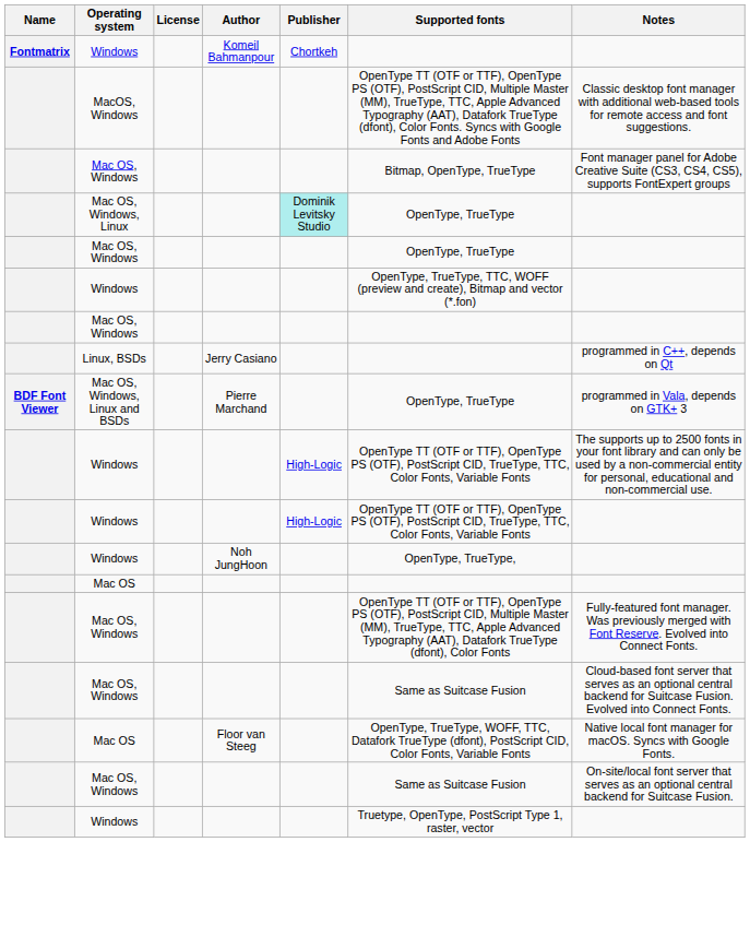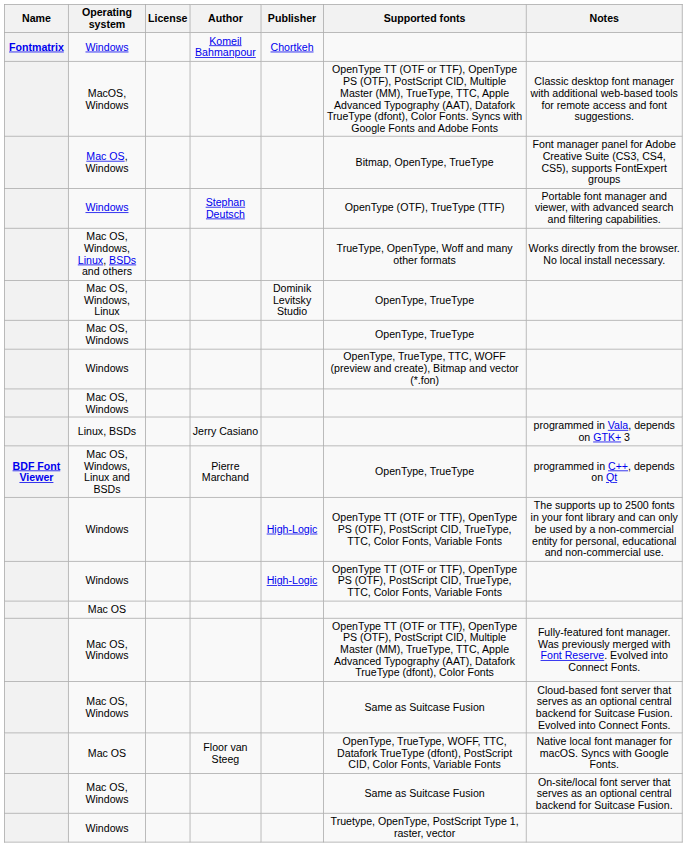 <table style="font-size: 85%; text-align: center;" class="wikitable sortable">
 <tr>
 <th>Name</th>
 <th>Operating system</th>
 <th>License</th>
 <th>Author</th>
 <th>Publisher</th>
 <th>Supported fonts</th>
 <th>Notes</th>
 </tr>
 <tr>
 <th><a href='#'>Fontmatrix</a></th>
 <td><a href='#'>Windows</a></td>
 <td></td>
 <td><a href='#'>Komeil Bahmanpour</a></td>
 <td><a href='#'>Chortkeh</a></td>
 <td></td>
 </tr>
 <tr>
 <th></th>
 <td>MacOS, Windows</td>
 <td></td>
 <td></td>
 <td></td>
 <td>OpenType TT (OTF or TTF), OpenType PS (OTF), PostScript CID, Multiple Master (MM), TrueType, TTC, Apple Advanced Typography (AAT), Datafork TrueType (dfont), Color Fonts. Syncs with Google Fonts and Adobe Fonts</td>
 <td>Classic desktop font manager with additional web-based tools for remote access and font suggestions.</td>
 </tr>
 <tr>
 <th></th>
 <td><a href='#'>Mac OS</a>, Windows</td>
 <td></td>
 <td></td>
 <td></td>
 <td>Bitmap, OpenType, TrueType</td>
 <td>Font manager panel for Adobe Creative Suite (CS3, CS4, CS5), supports FontExpert groups</td>
 </tr>
 <tr>
 <th></th>
+<td><a href='#'>Windows</a></td>
+<td></td>
+<td><a href='#'>Stephan Deutsch</a></td>
+<td></td>
+<td>OpenType (OTF), TrueType (TTF)</td>
+<td>Portable font manager and viewer, with advanced search and filtering capabilities.</td>
+</tr>
+<tr>
+<th></th>
+<td>Mac OS, Windows, <a href='#'>Linux</a>, <a href='#'>BSDs</a> and others</td>
+<td></td>
+<td></td>
+<td></td>
+<td>TrueType, OpenType, Woff and many other formats</td>
+<td>Works directly from the browser. No local install necessary.</td>
+</tr>
+<tr>
+<th></th>
 <td Mac, Windows, Linux>Mac OS, Windows, Linux</td>
 <td></td>
 <td></td>
-<td style="background: paleturquoise;">Dominik Levitsky Studio</td>
+<td>Dominik Levitsky Studio</td>
 <td>OpenType, TrueType</td>
 <td></td>
 </tr>
 <tr>
 <th></th>
 <td>Mac OS, Windows</td>
 <td></td>
 <td></td>
 <td></td>
 <td>OpenType, TrueType</td>
 <td></td>
 </tr>
 <tr>
 <th></th>
 <td>Windows</td>
 <td></td>
 <td></td>
 <td></td>
 <td>OpenType, TrueType, TTC, WOFF (preview and create), Bitmap and vector (*.fon)</td>
 <td></td>
 </tr>
 <tr>
 <th></th>
 <td>Mac OS, Windows</td>
 <td></td>
 <td></td>
 <td></td>
 <td></td>
 <td></td>
 </tr>
 <tr>
 <th></th>
 <td>Linux, BSDs</td>
 <td></td>
 <td>Jerry Casiano</td>
 <td></td>
 <td></td>
-<td>programmed in <a href='#'>C++</a>, depends on <a href='#'>Qt</a></td>
+<td>programmed in <a href='#'>Vala</a>, depends on <a href='#'>GTK+</a> 3</td>
 </tr>
 <tr>
 <th><a href='#'>BDF Font Viewer</a></th>
 <td>Mac OS, Windows, Linux and BSDs</td>
 <td></td>
 <td>Pierre Marchand</td>
 <td></td>
 <td>OpenType, TrueType</td>
-<td>programmed in <a href='#'>Vala</a>, depends on <a href='#'>GTK+</a> 3</td>
+<td>programmed in <a href='#'>C++</a>, depends on <a href='#'>Qt</a></td>
 </tr>
 <tr>
 <th></th>
 <td>Windows</td>
 <td></td>
 <td></td>
 <td><a href='#'>High-Logic</a></td>
 <td>OpenType TT (OTF or TTF), OpenType PS (OTF), PostScript CID, TrueType, TTC, Color Fonts, Variable Fonts</td>
 <td>The  supports up to 2500 fonts in your font library and can only be used by a non-commercial entity for personal, educational and non-commercial use.</td>
 </tr>
 <tr>
 <th></th>
 <td>Windows</td>
 <td></td>
 <td></td>
 <td><a href='#'>High-Logic</a></td>
 <td>OpenType TT (OTF or TTF), OpenType PS (OTF), PostScript CID, TrueType, TTC, Color Fonts, Variable Fonts</td>
-<td></td>
-</tr>
-<tr>
-<th></th>
-<td>Windows</td>
-<td></td>
-<td>Noh JungHoon</td>
-<td></td>
-<td>OpenType, TrueType,</td>
 <td></td>
 </tr>
 <tr>
 <th></th>
 <td>Mac OS</td>
 <td></td>
 <td></td>
 <td></td>
 <td></td>
 <td></td>
 </tr>
 <tr>
 <th></th>
 <td>Mac OS, Windows</td>
 <td></td>
 <td></td>
 <td></td>
 <td>OpenType TT (OTF or TTF), OpenType PS (OTF), PostScript CID, Multiple Master (MM), TrueType, TTC, Apple Advanced Typography (AAT), Datafork TrueType (dfont), Color Fonts</td>
 <td>Fully-featured font manager.<br> Was previously merged with <a href='#'>Font Reserve</a>. Evolved into Connect Fonts.</td>
 </tr>
 <tr>
 <th></th>
 <td>Mac OS, Windows</td>
 <td></td>
 <td></td>
 <td></td>
 <td>Same as Suitcase Fusion</td>
 <td>Cloud-based font server that serves as an optional central backend for Suitcase Fusion. Evolved into Connect Fonts.</td>
 </tr>
 <tr>
 <th></th>
 <td>Mac OS</td>
 <td></td>
 <td>Floor van Steeg</td>
 <td></td>
 <td>OpenType, TrueType, WOFF, TTC, Datafork TrueType (dfont), PostScript CID, Color Fonts, Variable Fonts</td>
 <td>Native local font manager for macOS. Syncs with Google Fonts.</td>
 </tr>
 <tr>
 <th></th>
 <td>Mac OS, Windows</td>
 <td></td>
 <td></td>
 <td></td>
 <td>Same as Suitcase Fusion</td>
 <td>On-site/local font server that serves as an optional central backend for Suitcase Fusion.<br>  </td>
 </tr>
 <tr>
 <th></th>
 <td>Windows</td>
 <td></td>
 <td></td>
 <td></td>
 <td>Truetype, OpenType, PostScript Type 1, raster, vector</td>
 <td></td>
 </tr>
 </table>
